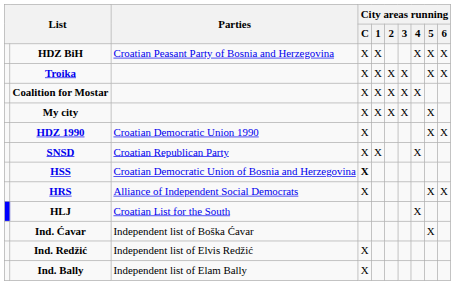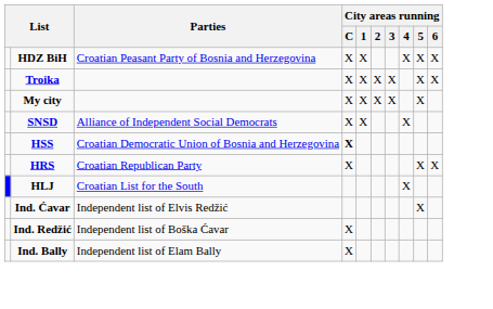 <table class="wikitable" style="line-height:1.35em; text-align:left;">
 <tr>
 <th colspan="2" rowspan="2">List</th>
 <th rowspan="2">Parties</th>
 <th colspan="7">City areas running</th>
 </tr>
 <tr>
 <th>C</th>
 <th>1</th>
 <th>2</th>
 <th>3</th>
 <th>4</th>
 <th>5</th>
 <th>6</th>
 </tr>
 <tr>
 <td></td>
 <td align="center"><strong>HDZ BiH</strong></td>
 <td><a href='#'>Croatian Peasant Party of Bosnia and Herzegovina</a></td>
 <td>X</td>
 <td>X</td>
 <td></td>
 <td></td>
 <td>X</td>
 <td>X</td>
 <td>X</td>
 </tr>
 <tr>
 <td width="1"></td>
 <td align="center"><a href='#'><strong>Troika</strong></a></td>
 <td></td>
 <td>X</td>
 <td>X</td>
 <td>X</td>
 <td>X</td>
 <td></td>
 <td>X</td>
 <td>X</td>
 </tr>
 <tr>
 <td></td>
-<td align="center"><strong>Coalition for Mostar</strong></td>
-<td></td>
-<td>X</td>
-<td>X</td>
-<td>X</td>
-<td>X</td>
-<td>X</td>
-<td></td>
-<td></td>
-</tr>
-<tr>
-<td></td>
 <td align="center"><strong>My city</strong></td>
 <td></td>
 <td>X</td>
 <td>X</td>
 <td>X</td>
 <td>X</td>
 <td></td>
 <td>X</td>
 <td></td>
 </tr>
 <tr>
 <td></td>
-<td align="center"><a href='#'><strong>HDZ 1990</strong></a></td>
-<td><a href='#'>Croatian Democratic Union 1990</a></td>
-<td>X</td>
-<td></td>
-<td></td>
-<td></td>
-<td></td>
-<td>X</td>
-<td>X</td>
-</tr>
-<tr>
-<td></td>
 <td align="center"><a href='#'><strong>SNSD</strong></a></td>
-<td><a href='#'>Croatian Republican Party</a></td>
+<td><a href='#'>Alliance of Independent Social Democrats</a></td>
 <td>X</td>
 <td>X</td>
 <td></td>
 <td></td>
 <td>X</td>
 <td></td>
 <td></td>
 </tr>
 <tr>
 <td width="1"></td>
 <td align="center"><a href='#'><strong>HSS</strong></a></td>
 <td><a href='#'>Croatian Democratic Union of Bosnia and Herzegovina</a></td>
 <td><strong>X</strong></td>
 <td></td>
 <td></td>
 <td></td>
 <td></td>
 <td></td>
 <td></td>
 </tr>
 <tr>
 <td width="1"></td>
 <td align="center"><a href='#'><strong>HRS</strong></a></td>
-<td><a href='#'>Alliance of Independent Social Democrats</a></td>
+<td><a href='#'>Croatian Republican Party</a></td>
 <td>X</td>
 <td></td>
 <td></td>
 <td></td>
 <td></td>
 <td>X</td>
 <td>X</td>
 </tr>
 <tr>
 <td width="1" bgcolor="blue"></td>
 <td align="center"><strong>HLJ</strong></td>
 <td><a href='#'>Croatian List for the South</a></td>
 <td></td>
 <td></td>
 <td></td>
 <td></td>
 <td>X</td>
 <td></td>
 <td></td>
 </tr>
 <tr>
 <td width="1"></td>
 <td align="center"><strong>Ind. Ćavar</strong></td>
-<td>Independent list of Boška Ćavar</td>
+<td>Independent list of Elvis Redžić</td>
 <td></td>
 <td></td>
 <td></td>
 <td></td>
 <td></td>
 <td>X</td>
 <td></td>
 </tr>
 <tr>
 <td width="1"></td>
 <td align="center"><strong>Ind. Redžić</strong></td>
-<td>Independent list of Elvis Redžić</td>
+<td>Independent list of Boška Ćavar</td>
 <td>X</td>
 <td></td>
 <td></td>
 <td></td>
 <td></td>
 <td></td>
 <td></td>
 </tr>
 <tr>
 <td width="1"></td>
 <td align="center"><strong>Ind. Bally</strong></td>
 <td>Independent list of Elam Bally</td>
 <td>X</td>
 <td></td>
 <td></td>
 <td></td>
 <td></td>
 <td></td>
 <td></td>
 </tr>
 </table>
